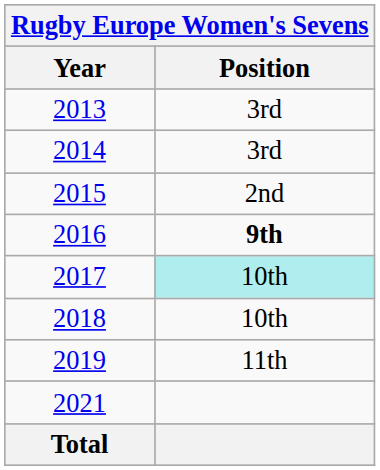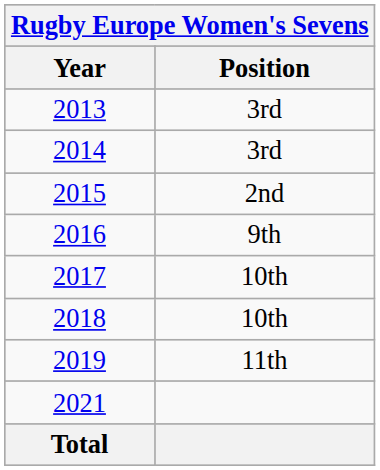 <table class="wikitable" style="text-align: center;">
 <tr>
 <th colspan=2><a href='#'>Rugby Europe Women's Sevens</a></th>
 </tr>
 <tr>
 <th>Year</th>
 <th>Position</th>
 </tr>
 <tr>
 <td> <a href='#'>2013</a></td>
 <td>3rd</td>
 </tr>
 <tr>
 <td> <a href='#'>2014</a></td>
 <td>3rd</td>
 </tr>
 <tr>
 <td> <a href='#'>2015</a></td>
 <td>2nd</td>
 </tr>
 <tr>
 <td> <a href='#'>2016</a></td>
-<td><strong>9th</strong></td>
+<td>9th</td>
 </tr>
 <tr>
 <td>  <a href='#'>2017</a></td>
-<td style="background: paleturquoise;">10th</td>
+<td>10th</td>
 </tr>
 <tr>
 <td>  <a href='#'>2018</a></td>
 <td>10th</td>
 </tr>
 <tr>
 <td>  <a href='#'>2019</a></td>
 <td>11th</td>
 </tr>
 <tr>
 <td> <a href='#'>2021</a></td>
 <td></td>
 </tr>
 <tr>
 <th><strong>Total</strong></th>
 <th></th>
 </tr>
 </table>
